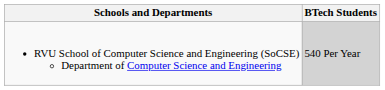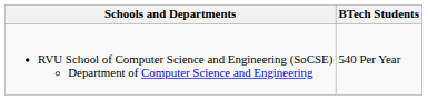 <table class="wikitable sortable">
 <tr>
 <th>Schools and Departments</th>
 <th>BTech Students</th>
 </tr>
 <tr>
 <td><br><ul><li>RVU School of Computer Science and Engineering (SoCSE)<ul><li>Department of <a href='#'>Computer Science and Engineering</a></li></ul></li></ul></td>
-<td style="background: lightgrey;">540 Per Year</td>
+<td>540 Per Year</td>
 </tr>
 </table>
